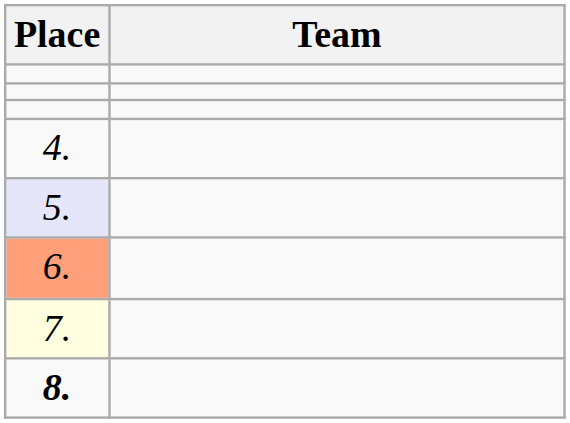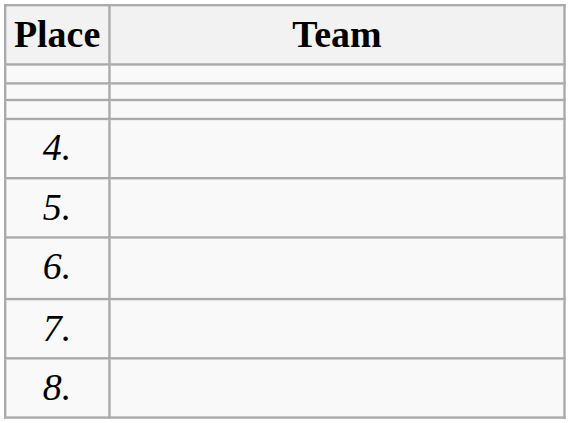 <table class="wikitable">
 <tr>
 <th width=35>Place</th>
 <th width=185>Team</th>
 </tr>
 <tr align=center>
 <td></td>
 <td style="text-align:left;"></td>
 </tr>
 <tr align=center>
 <td></td>
 <td style="text-align:left;"></td>
 </tr>
 <tr align=center>
 <td></td>
 <td style="text-align:left;"></td>
 </tr>
 <tr align=center>
 <td><em>4.</em></td>
 <td style="text-align:left;"></td>
 </tr>
 <tr align=center>
-<td style="background: lavender;"><em>5.</em></td>
+<td><em>5.</em></td>
 <td style="text-align:left;"></td>
 </tr>
 <tr align=center>
-<td style="background: lightsalmon;"><em>6.</em></td>
+<td><em>6.</em></td>
 <td style="text-align:left;"></td>
 </tr>
 <tr align=center>
-<td style="background: lightyellow;"><em>7.</em></td>
+<td><em>7.</em></td>
 <td style="text-align:left;"></td>
 </tr>
 <tr align=center>
-<td><strong><em>8.</em></strong></td>
+<td><em>8.</em></td>
 <td style="text-align:left;"></td>
 </tr>
 </table>
